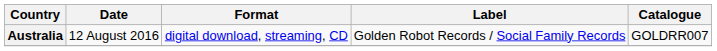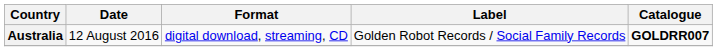 <table class="wikitable plainrowheaders">
 <tr>
 <th scope="col">Country</th>
 <th scope="col">Date</th>
 <th scope="col">Format</th>
 <th scope="col">Label</th>
 <th scope="col">Catalogue</th>
 </tr>
 <tr>
 <th scope="row">Australia</th>
 <td>12 August 2016 </td>
 <td><a href='#'>digital download</a>, <a href='#'>streaming</a>, <a href='#'>CD</a></td>
 <td>Golden Robot Records / <a href='#'>Social Family Records</a></td>
-<td>GOLDRR007</td>
+<td><strong>GOLDRR007</strong></td>
 </tr>
 <tr>
 </tr>
 </table>
